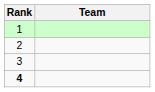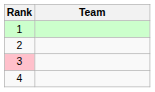 <table class="wikitable">
 <tr>
 <th>Rank</th>
 <th width=170>Team</th>
 </tr>
 <tr bgcolor=ccffcc>
 <td align=center>1</td>
 <td></td>
 </tr>
 <tr>
 <td align=center>2</td>
 <td></td>
 </tr>
 <tr>
-<td align=center>3</td>
+<td align=center style="background: pink;">3</td>
 <td></td>
 </tr>
 <tr>
-<td align=center><strong>4</strong></td>
+<td align=center>4</td>
 <td></td>
 </tr>
 </table>
